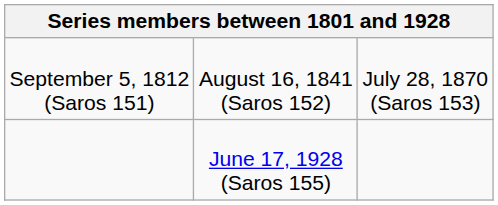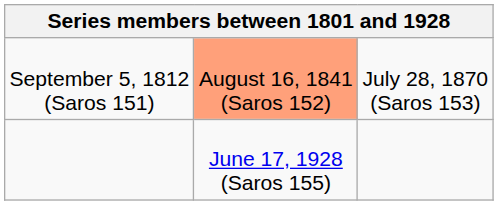 <table class="wikitable mw-collapsible mw-collapsed">
 <tr>
 <th colspan=3>Series members between 1801 and 1928</th>
 </tr>
 <tr style="text-align:center;">
 <td><br>September 5, 1812<br>(Saros 151)</td>
-<td><br>August 16, 1841<br>(Saros 152)</td>
+<td style="background: lightsalmon;"><br>August 16, 1841<br>(Saros 152)</td>
 <td><br>July 28, 1870<br>(Saros 153)</td>
 </tr>
 <tr style="text-align:center;">
 <td></td>
 <td><br><a href='#'>June 17, 1928</a><br>(Saros 155)</td>
 <td></td>
 </tr>
 </table>
